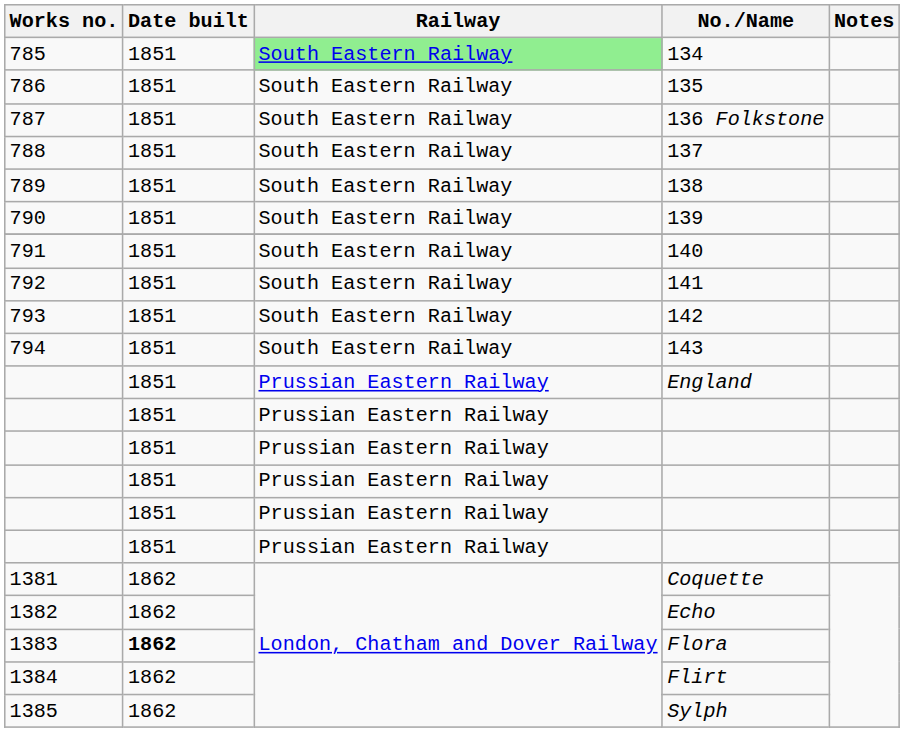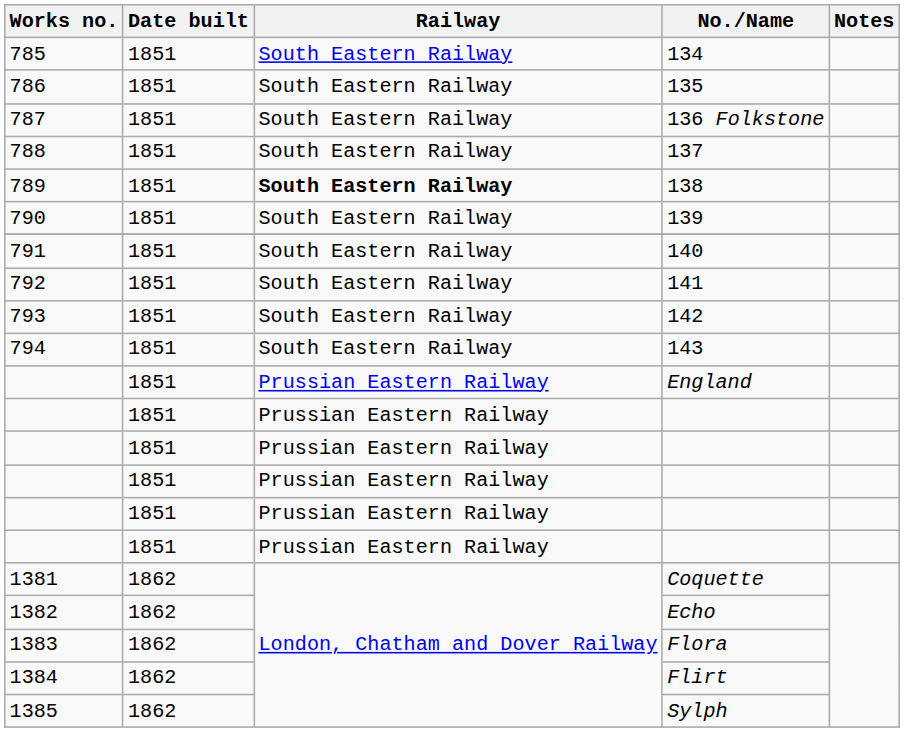 <table class="wikitable">
 <tr>
 <th>Works no.</th>
 <th>Date built</th>
 <th>Railway</th>
 <th>No./Name</th>
 <th>Notes</th>
 </tr>
 <tr>
 <td>785</td>
 <td>1851</td>
-<td style="background: lightgreen;"><a href='#'>South Eastern Railway</a></td>
+<td><a href='#'>South Eastern Railway</a></td>
 <td>134</td>
 <td></td>
 </tr>
 <tr>
 <td>786</td>
 <td>1851</td>
 <td>South Eastern Railway</td>
 <td>135</td>
 <td></td>
 </tr>
 <tr>
 <td>787</td>
 <td>1851</td>
 <td>South Eastern Railway</td>
 <td>136 <em>Folkstone</em></td>
 <td></td>
 </tr>
 <tr>
 <td>788</td>
 <td>1851</td>
 <td>South Eastern Railway</td>
 <td>137</td>
 <td></td>
 </tr>
 <tr>
 <td>789</td>
 <td>1851</td>
-<td>South Eastern Railway</td>
+<td><strong>South Eastern Railway</strong></td>
 <td>138</td>
 <td></td>
 </tr>
 <tr>
 <td>790</td>
 <td>1851</td>
 <td>South Eastern Railway</td>
 <td>139</td>
 <td></td>
 </tr>
 <tr>
 </tr>
 <tr>
 <td>791</td>
 <td>1851</td>
 <td>South Eastern Railway</td>
 <td>140</td>
 <td></td>
 </tr>
 <tr>
 <td>792</td>
 <td>1851</td>
 <td>South Eastern Railway</td>
 <td>141</td>
 <td></td>
 </tr>
 <tr>
 <td>793</td>
 <td>1851</td>
 <td>South Eastern Railway</td>
 <td>142</td>
 <td></td>
 </tr>
 <tr>
 <td>794</td>
 <td>1851</td>
 <td>South Eastern Railway</td>
 <td>143</td>
 <td></td>
 </tr>
 <tr>
 <td></td>
 <td>1851</td>
 <td><a href='#'>Prussian Eastern Railway</a></td>
 <td><em>England</em></td>
 <td></td>
 </tr>
 <tr>
 <td></td>
 <td>1851</td>
 <td>Prussian Eastern Railway</td>
 <td></td>
 <td></td>
 </tr>
 <tr>
 <td></td>
 <td>1851</td>
 <td>Prussian Eastern Railway</td>
 <td></td>
 <td></td>
 </tr>
 <tr>
 <td></td>
 <td>1851</td>
 <td>Prussian Eastern Railway</td>
 <td></td>
 <td></td>
 </tr>
 <tr>
 <td></td>
 <td>1851</td>
 <td>Prussian Eastern Railway</td>
 <td></td>
 <td></td>
 </tr>
 <tr>
 <td></td>
 <td>1851</td>
 <td>Prussian Eastern Railway</td>
 <td></td>
 <td></td>
 </tr>
 <tr>
 <td>1381</td>
 <td>1862</td>
 <td rowspan=5><a href='#'>London, Chatham and Dover Railway</a></td>
 <td><em>Coquette</em></td>
 <td rowspan=5></td>
 </tr>
 <tr>
 <td>1382</td>
 <td>1862</td>
 <td><em>Echo</em></td>
 </tr>
 <tr>
 <td>1383</td>
-<td><strong>1862</strong></td>
+<td>1862</td>
 <td><em>Flora</em></td>
 </tr>
 <tr>
 <td>1384</td>
 <td>1862</td>
 <td><em>Flirt</em></td>
 </tr>
 <tr>
 <td>1385</td>
 <td>1862</td>
 <td><em>Sylph</em></td>
 </tr>
 </table>
